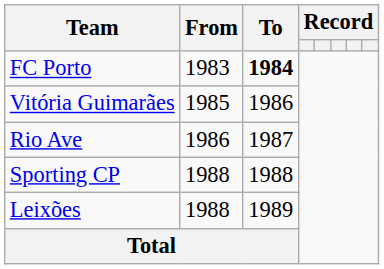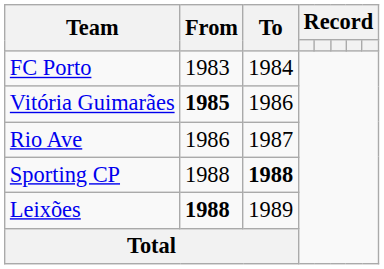 <table class="wikitable" style="text-align: center">
 <tr>
 <th rowspan="2">Team</th>
 <th rowspan="2">From</th>
 <th rowspan="2">To</th>
 <th colspan="5">Record</th>
 </tr>
 <tr>
 <th></th>
 <th></th>
 <th></th>
 <th></th>
 <th></th>
 </tr>
 <tr>
 <td align="left"><a href='#'>FC Porto</a></td>
 <td align="left">1983</td>
-<td align="left"><strong>1984<br></strong></td>
+<td align="left">1984<br></td>
 </tr>
 <tr>
 <td align="left"><a href='#'>Vitória Guimarães</a></td>
-<td align="left">1985</td>
+<td align="left"><strong>1985</strong></td>
 <td align="left">1986<br></td>
 </tr>
 <tr>
 <td align="left"><a href='#'>Rio Ave</a></td>
 <td align="left">1986</td>
 <td align="left">1987<br></td>
 </tr>
 <tr>
 <td align="left"><a href='#'>Sporting CP</a></td>
 <td align="left">1988</td>
-<td align="left">1988<br></td>
+<td align="left"><strong>1988<br></strong></td>
 </tr>
 <tr>
 <td align="left"><a href='#'>Leixões</a></td>
-<td align="left">1988</td>
+<td align="left"><strong>1988</strong></td>
 <td align="left">1989<br></td>
 </tr>
 <tr>
 <th colspan="3">Total<br></th>
 </tr>
 </table>
